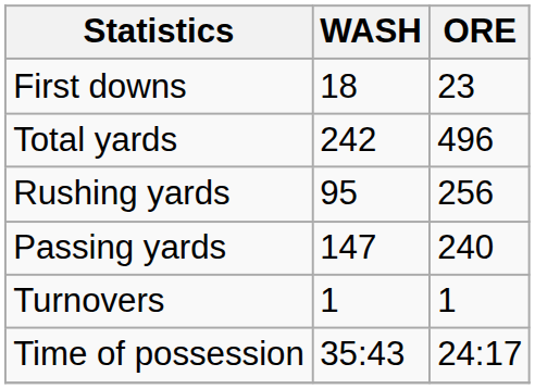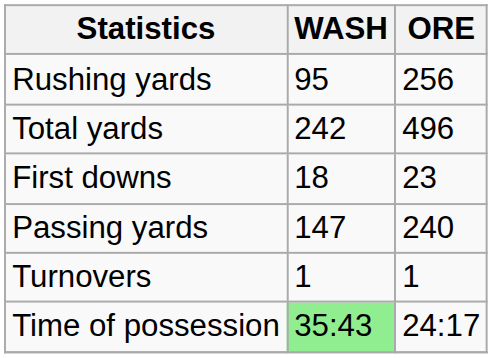 <table class="wikitable" style="float: left;">
 <tr>
 <th>Statistics</th>
 <th>WASH</th>
 <th>ORE</th>
 </tr>
 <tr>
-<td>First downs</td>
-<td>18</td>
-<td>23</td>
+<td>Rushing yards</td>
+<td>95</td>
+<td>256</td>
 </tr>
 <tr>
 <td>Total yards</td>
 <td>242</td>
 <td>496</td>
 </tr>
 <tr>
-<td>Rushing yards</td>
-<td>95</td>
-<td>256</td>
+<td>First downs</td>
+<td>18</td>
+<td>23</td>
 </tr>
 <tr>
 <td>Passing yards</td>
 <td>147</td>
 <td>240</td>
 </tr>
 <tr>
 <td>Turnovers</td>
 <td>1</td>
 <td>1</td>
 </tr>
 <tr>
 <td>Time of possession</td>
-<td>35:43</td>
+<td style="background: lightgreen;">35:43</td>
 <td>24:17</td>
 </tr>
 <tr>
 </tr>
 </table>
